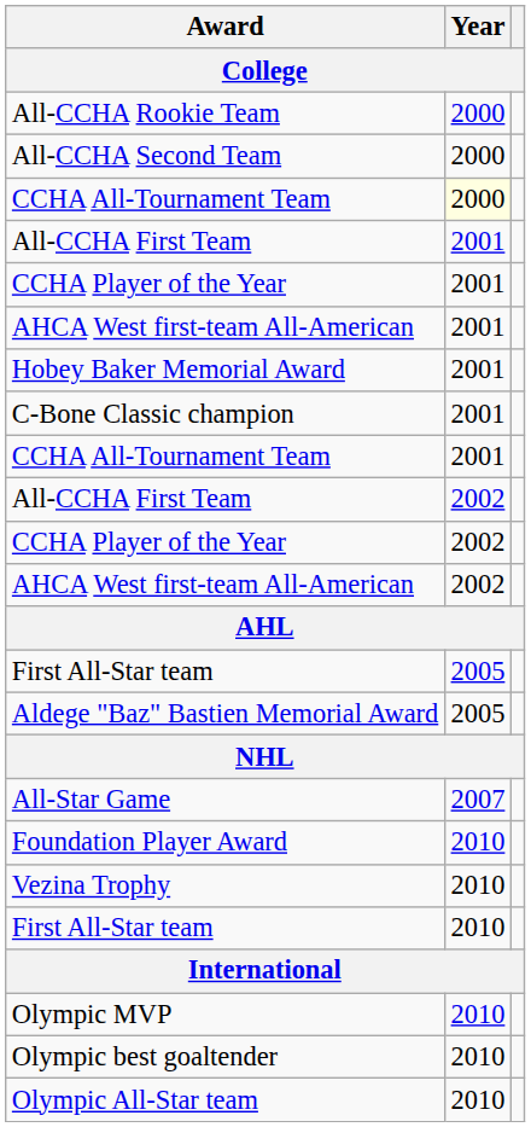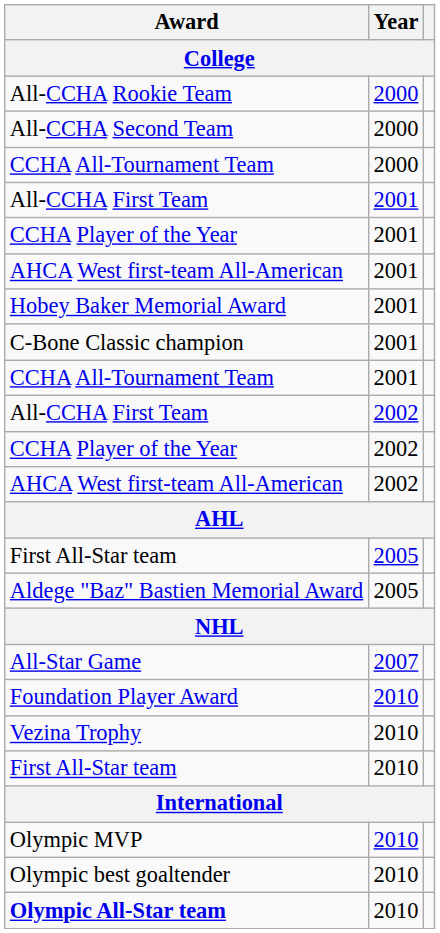 <table class="wikitable">
 <tr>
 <th>Award</th>
 <th>Year</th>
 <th></th>
 </tr>
 <tr>
 <th colspan="3"><a href='#'>College</a></th>
 </tr>
 <tr>
 <td>All-<a href='#'>CCHA</a> <a href='#'>Rookie Team</a></td>
 <td><a href='#'>2000</a></td>
 <td></td>
 </tr>
 <tr>
 <td>All-<a href='#'>CCHA</a> <a href='#'>Second Team</a></td>
 <td>2000</td>
 <td></td>
 </tr>
 <tr>
 <td><a href='#'>CCHA</a> <a href='#'>All-Tournament Team</a></td>
-<td style="background: lightyellow;">2000</td>
+<td>2000</td>
 <td></td>
 </tr>
 <tr>
 <td>All-<a href='#'>CCHA</a> <a href='#'>First Team</a></td>
 <td><a href='#'>2001</a></td>
 <td></td>
 </tr>
 <tr>
 <td><a href='#'>CCHA</a> <a href='#'>Player of the Year</a></td>
 <td>2001</td>
 <td></td>
 </tr>
 <tr>
 <td><a href='#'>AHCA</a> <a href='#'>West first-team All-American</a></td>
 <td>2001</td>
 <td></td>
 </tr>
 <tr>
 <td><a href='#'>Hobey Baker Memorial Award</a></td>
 <td>2001</td>
 <td></td>
 </tr>
 <tr>
 <td>C-Bone Classic champion</td>
 <td>2001</td>
 <td></td>
 </tr>
 <tr>
 <td><a href='#'>CCHA</a> <a href='#'>All-Tournament Team</a></td>
 <td>2001</td>
 <td></td>
 </tr>
 <tr>
 <td>All-<a href='#'>CCHA</a> <a href='#'>First Team</a></td>
 <td><a href='#'>2002</a></td>
 <td></td>
 </tr>
 <tr>
 <td><a href='#'>CCHA</a> <a href='#'>Player of the Year</a></td>
 <td>2002</td>
 <td></td>
 </tr>
 <tr>
 <td><a href='#'>AHCA</a> <a href='#'>West first-team All-American</a></td>
 <td>2002</td>
 <td></td>
 </tr>
 <tr>
 <th colspan="3"><a href='#'>AHL</a></th>
 </tr>
 <tr>
 <td>First All-Star team</td>
 <td><a href='#'>2005</a></td>
 <td></td>
 </tr>
 <tr>
 <td><a href='#'>Aldege "Baz" Bastien Memorial Award</a></td>
 <td>2005</td>
 <td></td>
 </tr>
 <tr>
 <th colspan="3"><a href='#'>NHL</a></th>
 </tr>
 <tr>
 <td><a href='#'>All-Star Game</a></td>
 <td><a href='#'>2007</a></td>
 <td></td>
 </tr>
 <tr>
 <td><a href='#'>Foundation Player Award</a></td>
 <td><a href='#'>2010</a></td>
 <td></td>
 </tr>
 <tr>
 <td><a href='#'>Vezina Trophy</a></td>
 <td>2010</td>
 <td></td>
 </tr>
 <tr>
 <td><a href='#'>First All-Star team</a></td>
 <td>2010</td>
 <td></td>
 </tr>
 <tr>
 <th colspan="3"><a href='#'>International</a></th>
 </tr>
 <tr>
 <td>Olympic MVP</td>
 <td><a href='#'>2010</a></td>
 <td></td>
 </tr>
 <tr>
 <td>Olympic best goaltender</td>
 <td>2010</td>
 <td></td>
 </tr>
 <tr>
-<td><a href='#'>Olympic All-Star team</a></td>
+<td><strong><a href='#'>Olympic All-Star team</a></strong></td>
 <td>2010</td>
 <td></td>
 </tr>
 </table>
